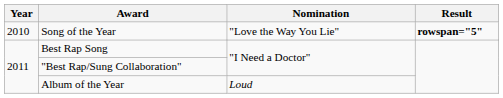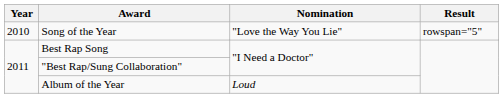 <table class="wikitable" style="width:80%;">
 <tr>
 <th width=5%>Year</th>
 <th style="width:30%;">Award</th>
 <th style="width:30%;">Nomination</th>
 <th style="width:10%;">Result</th>
 </tr>
 <tr>
 <td rowspan="2">2010</td>
 <td>Song of the Year</td>
 <td rowspan="2">"Love the Way You Lie"</td>
-<td><strong>rowspan="5" </strong></td>
+<td>rowspan="5" </td>
 </tr>
 <tr>
 <td rowspan="2">Best Rap Song</td>
 </tr>
 <tr>
 <td rowspan="3">2011</td>
 <td rowspan="2">"I Need a Doctor"</td>
 </tr>
 <tr>
 <td>"Best Rap/Sung Collaboration"</td>
 </tr>
 <tr>
 <td>Album of the Year</td>
 <td><em>Loud</em></td>
 </tr>
 </table>
